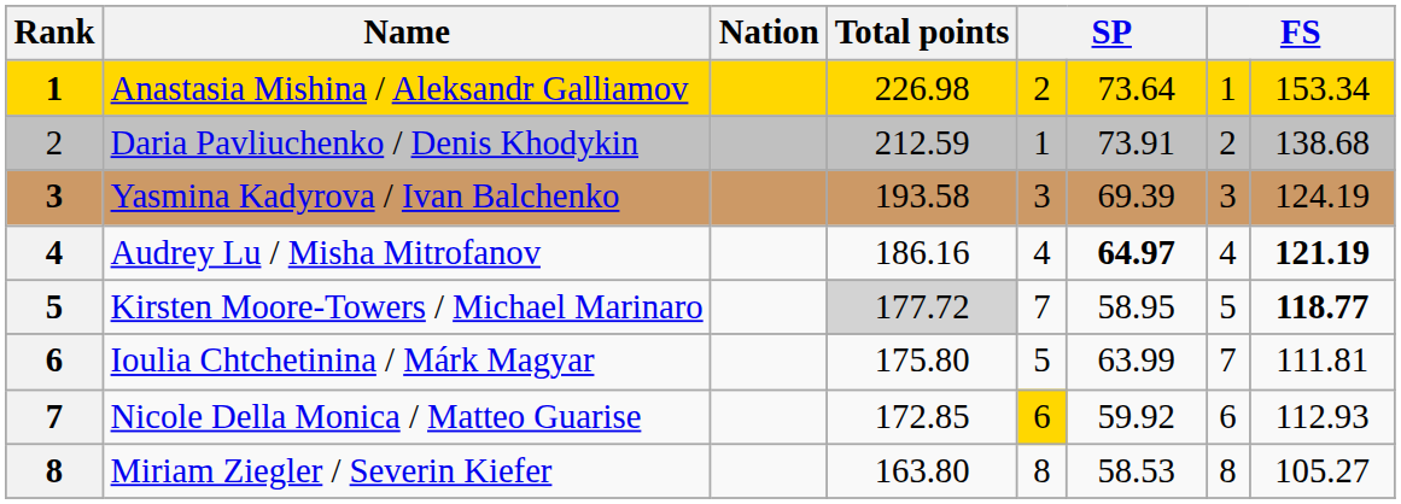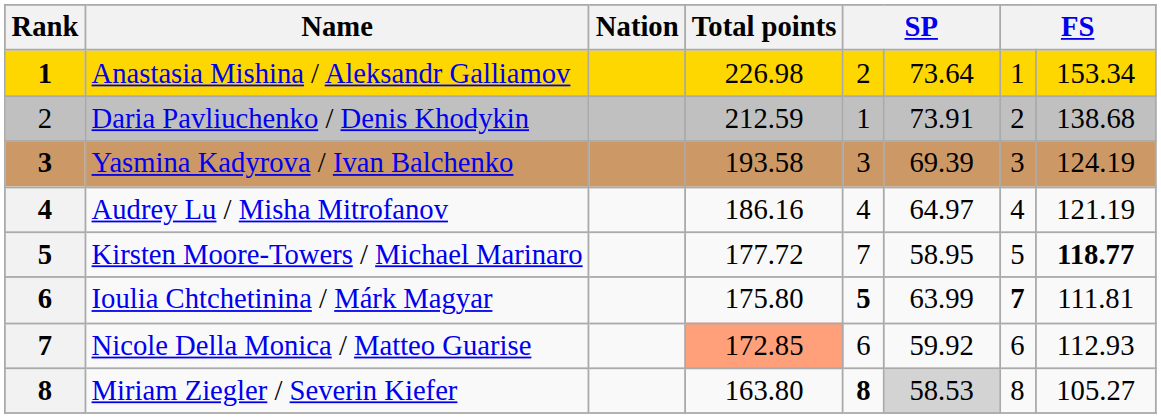 <table class="wikitable sortable">
 <tr>
 <th>Rank</th>
 <th>Name</th>
 <th>Nation</th>
 <th>Total points</th>
 <th colspan="2" width="80px"><a href='#'>SP</a></th>
 <th colspan="2" width="80px"><a href='#'>FS</a></th>
 </tr>
 <tr bgcolor="gold">
 <td align="center"><strong>1</strong></td>
 <td><a href='#'>Anastasia Mishina</a> / <a href='#'>Aleksandr Galliamov</a></td>
 <td></td>
 <td align="center">226.98</td>
 <td align="center">2</td>
 <td align="center">73.64</td>
 <td align="center">1</td>
 <td align="center">153.34</td>
 </tr>
 <tr bgcolor="silver">
 <td align="center">2</td>
 <td><a href='#'>Daria Pavliuchenko</a> / <a href='#'>Denis Khodykin</a></td>
 <td></td>
 <td align="center">212.59</td>
 <td align="center">1</td>
 <td align="center">73.91</td>
 <td align="center">2</td>
 <td align="center">138.68</td>
 </tr>
 <tr bgcolor="cc9966">
 <td align="center"><strong>3</strong></td>
 <td><a href='#'>Yasmina Kadyrova</a> / <a href='#'>Ivan Balchenko</a></td>
 <td></td>
 <td align="center">193.58</td>
 <td align="center">3</td>
 <td align="center">69.39</td>
 <td align="center">3</td>
 <td align="center">124.19</td>
 </tr>
 <tr>
 <th>4</th>
 <td><a href='#'>Audrey Lu</a> / <a href='#'>Misha Mitrofanov</a></td>
 <td></td>
 <td align="center">186.16</td>
 <td align="center">4</td>
-<td align="center"><strong>64.97</strong></td>
+<td align="center">64.97</td>
 <td align="center">4</td>
-<td align="center"><strong>121.19</strong></td>
+<td align="center">121.19</td>
 </tr>
 <tr>
 <th>5</th>
 <td><a href='#'>Kirsten Moore-Towers</a> / <a href='#'>Michael Marinaro</a></td>
 <td></td>
-<td align="center" style="background: lightgrey;">177.72</td>
+<td align="center">177.72</td>
 <td align="center">7</td>
 <td align="center">58.95</td>
 <td align="center">5</td>
 <td align="center"><strong>118.77</strong></td>
 </tr>
 <tr>
 <th>6</th>
 <td><a href='#'>Ioulia Chtchetinina</a> / <a href='#'>Márk Magyar</a></td>
 <td></td>
 <td align="center">175.80</td>
-<td align="center">5</td>
+<td align="center"><strong>5</strong></td>
 <td align="center">63.99</td>
-<td align="center">7</td>
+<td align="center"><strong>7</strong></td>
 <td align="center">111.81</td>
 </tr>
 <tr>
 <th>7</th>
 <td><a href='#'>Nicole Della Monica</a> / <a href='#'>Matteo Guarise</a></td>
 <td></td>
-<td align="center">172.85</td>
-<td align="center" style="background: gold;">6</td>
+<td align="center" style="background: lightsalmon;">172.85</td>
+<td align="center">6</td>
 <td align="center">59.92</td>
 <td align="center">6</td>
 <td align="center">112.93</td>
 </tr>
 <tr>
 <th>8</th>
 <td><a href='#'>Miriam Ziegler</a> / <a href='#'>Severin Kiefer</a></td>
 <td></td>
 <td align="center">163.80</td>
-<td align="center">8</td>
-<td align="center">58.53</td>
+<td align="center"><strong>8</strong></td>
+<td align="center" style="background: lightgrey;">58.53</td>
 <td align="center">8</td>
 <td align="center">105.27</td>
 </tr>
 </table>
